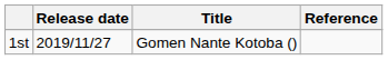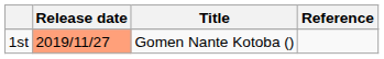 <table class=wikitable style="font-size:small">
 <tr>
 <th></th>
 <th>Release date</th>
 <th>Title</th>
 <th>Reference</th>
 </tr>
 <tr>
 </tr>
 <tr>
 <td>1st</td>
-<td>2019/11/27</td>
+<td style="background: lightsalmon;">2019/11/27</td>
 <td>Gomen Nante Kotoba ()</td>
 <td></td>
 </tr>
 </table>
